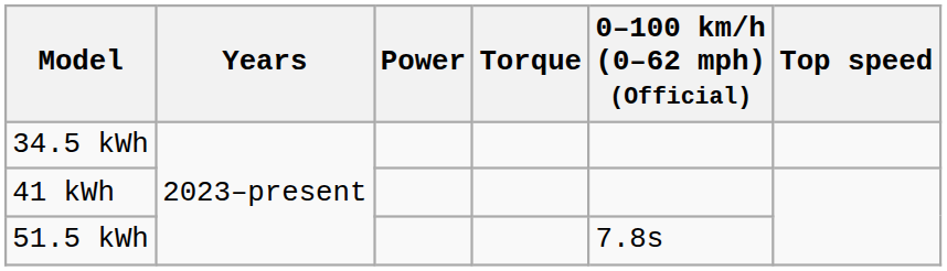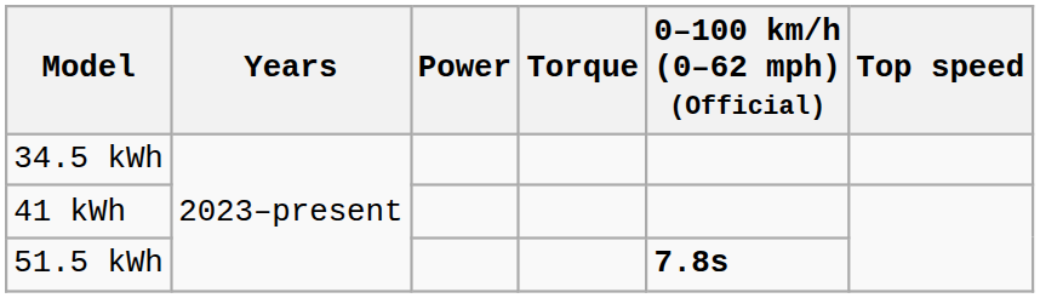 <table class="wikitable sortable collapsible" style="text-align:left; font-size:90%;">
 <tr>
 <th>Model</th>
 <th>Years</th>
 <th>Power</th>
 <th>Torque</th>
 <th>0–100 km/h<br>(0–62 mph)<br><small>(Official)</small></th>
 <th>Top speed</th>
 </tr>
 <tr>
 <td>34.5 kWh</td>
 <td rowspan=3>2023–present</td>
 <td></td>
 <td></td>
 <td></td>
 <td></td>
 </tr>
 <tr>
 <td>41 kWh</td>
 <td></td>
 <td></td>
 <td></td>
 <td rowspan=2></td>
 </tr>
 <tr>
 <td>51.5 kWh</td>
 <td></td>
 <td></td>
-<td>7.8s</td>
+<td><strong>7.8s</strong></td>
 </tr>
 </table>
